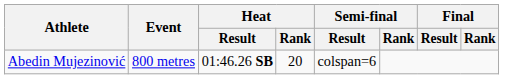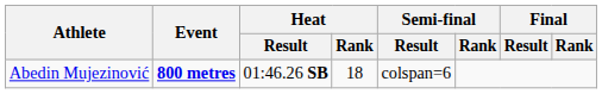 <table class=wikitable style=font-size:90%>
 <tr>
 <th rowspan=2>Athlete</th>
 <th rowspan=2>Event</th>
 <th colspan=2>Heat</th>
 <th colspan=2>Semi-final</th>
 <th colspan=2>Final</th>
 </tr>
 <tr style=font-size:95%>
 <th>Result</th>
 <th>Rank</th>
 <th>Result</th>
 <th>Rank</th>
 <th>Result</th>
 <th>Rank</th>
 </tr>
 <tr align=center>
 <td align=left><a href='#'>Abedin Mujezinović</a></td>
-<td align=left><a href='#'>800 metres</a></td>
+<td align=left><strong><a href='#'>800 metres</a></strong></td>
 <td>01:46.26 <strong>SB</strong></td>
-<td>20</td>
+<td>18</td>
 <td>colspan=6 </td>
 </tr>
 </table>
